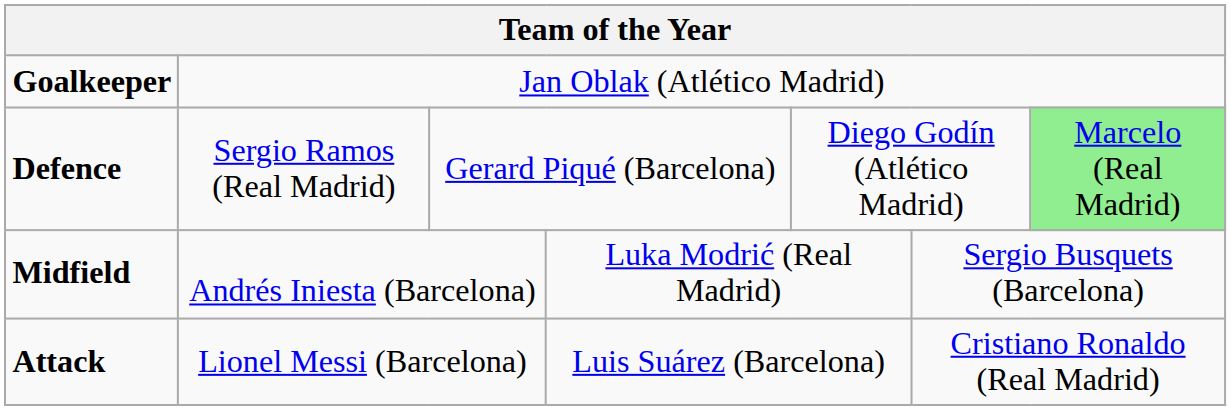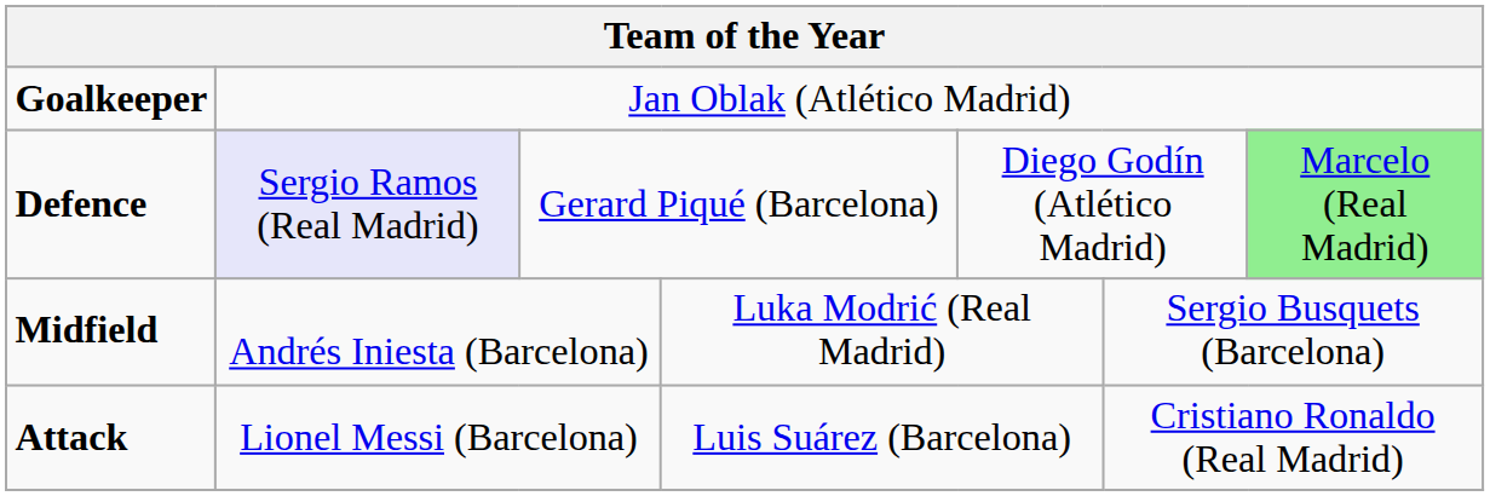 <table class="wikitable">
 <tr>
 <th colspan="7">Team of the Year</th>
 </tr>
 <tr>
 <td><strong>Goalkeeper</strong></td>
 <td colspan="6" align="center"> <a href='#'>Jan Oblak</a> (Atlético Madrid)</td>
 </tr>
 <tr>
 <td><strong>Defence</strong></td>
-<td align="center"> <a href='#'>Sergio Ramos</a> (Real Madrid)</td>
+<td align="center" style="background: lavender;"> <a href='#'>Sergio Ramos</a> (Real Madrid)</td>
 <td colspan="2" align="center"> <a href='#'>Gerard Piqué</a> (Barcelona)</td>
 <td colspan="2" align="center"> <a href='#'>Diego Godín</a> (Atlético Madrid)</td>
 <td align="center" style="background: lightgreen;"> <a href='#'>Marcelo</a> (Real Madrid)</td>
 </tr>
 <tr>
 <td><strong>Midfield</strong></td>
 <td colspan="2" align="center"><br><a href='#'>Andrés Iniesta</a> (Barcelona)</td>
 <td colspan="2" align="center"> <a href='#'>Luka Modrić</a> (Real Madrid)</td>
 <td colspan="2" align="center"> <a href='#'>Sergio Busquets</a> (Barcelona)</td>
 </tr>
 <tr>
 <td><strong>Attack</strong></td>
 <td colspan="2" align="center"> <a href='#'>Lionel Messi</a> (Barcelona)</td>
 <td colspan="2" align="center"> <a href='#'>Luis Suárez</a> (Barcelona)</td>
 <td colspan="2" align="center"> <a href='#'>Cristiano Ronaldo</a> (Real Madrid)</td>
 </tr>
 </table>
